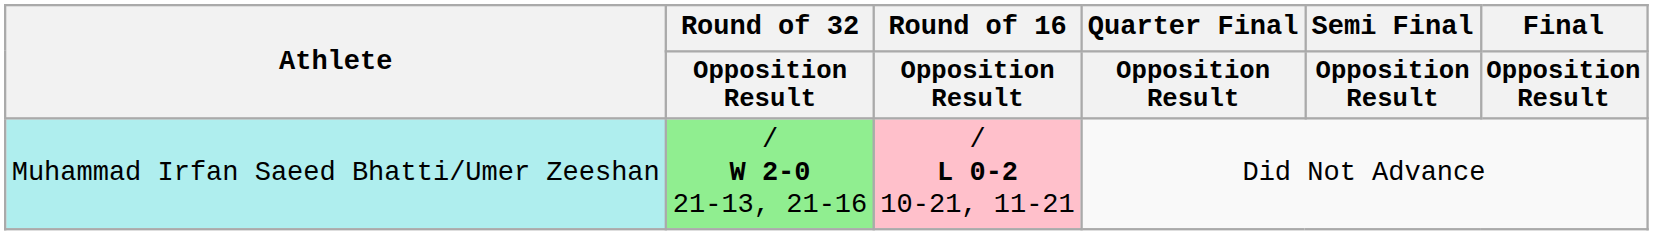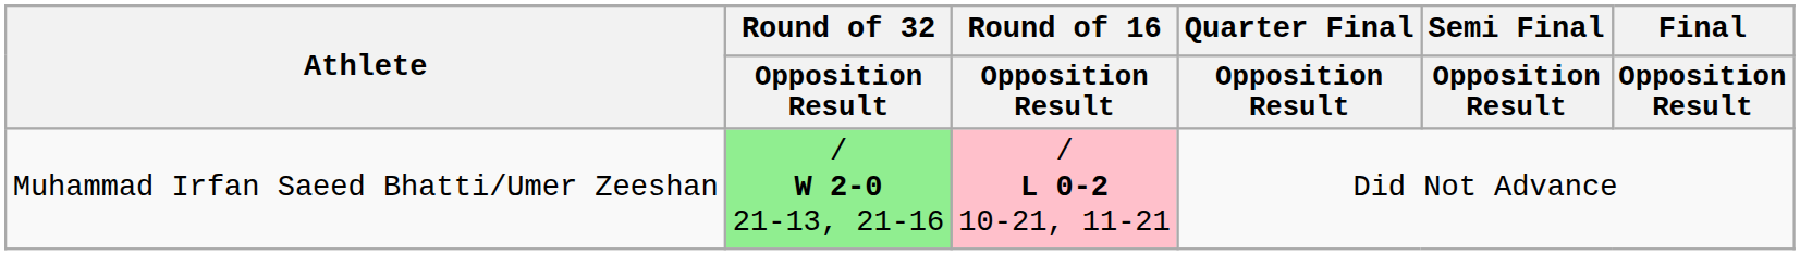 <table class=wikitable style="font-size:90%">
 <tr>
 <th rowspan=2>Athlete</th>
 <th>Round of 32</th>
 <th>Round of 16</th>
 <th>Quarter Final</th>
 <th>Semi Final</th>
 <th>Final</th>
 </tr>
 <tr style="font-size:95%">
 <th>Opposition<br>Result</th>
 <th>Opposition<br>Result</th>
 <th>Opposition<br>Result</th>
 <th>Opposition<br>Result</th>
 <th>Opposition<br>Result</th>
 </tr>
 <tr align=center>
-<td style="background: paleturquoise;">Muhammad Irfan Saeed Bhatti/Umer Zeeshan</td>
+<td>Muhammad Irfan Saeed Bhatti/Umer Zeeshan</td>
 <td style="background:lightgreen;">/<br><strong>W 2-0</strong><br> 21-13, 21-16</td>
 <td style="background:pink;">/<br><strong>L 0-2</strong><br> 10-21, 11-21</td>
 <td colspan=3>Did Not Advance</td>
 </tr>
 </table>
